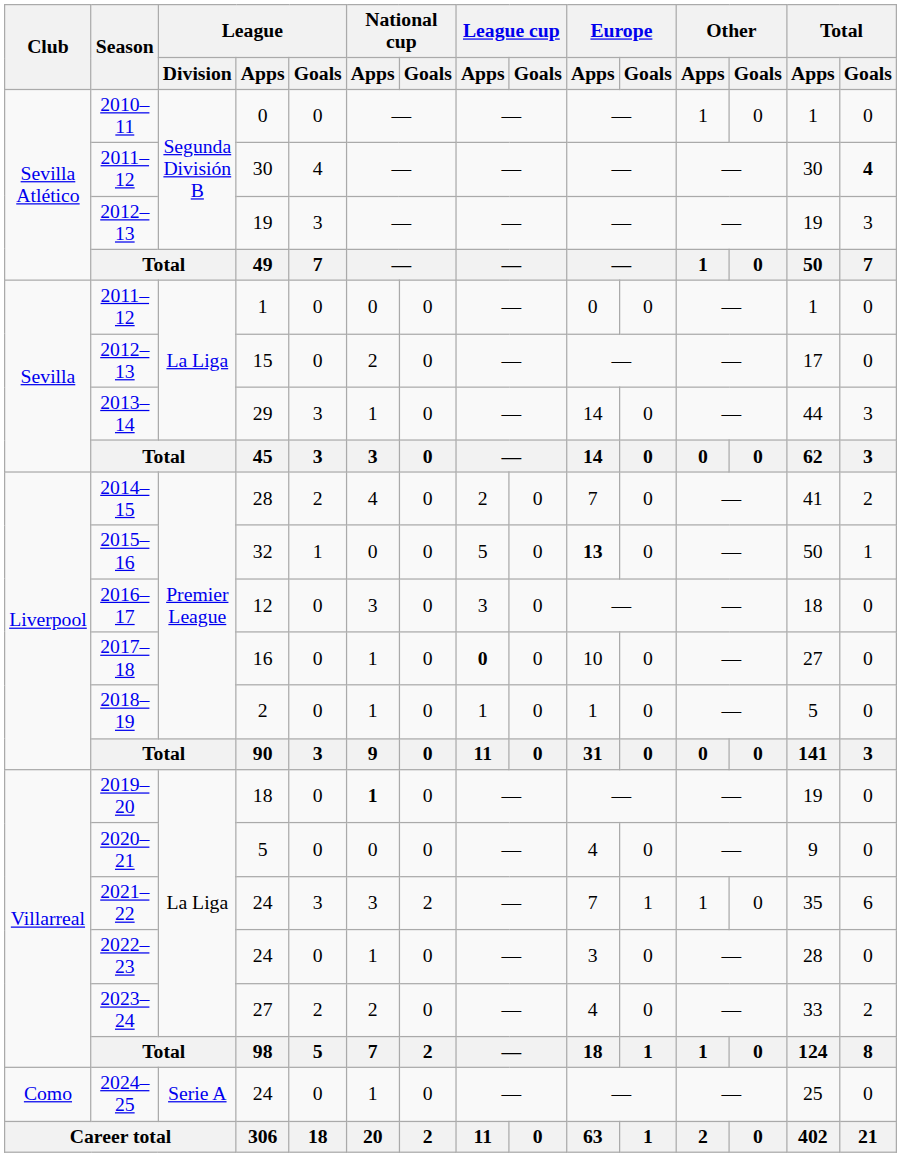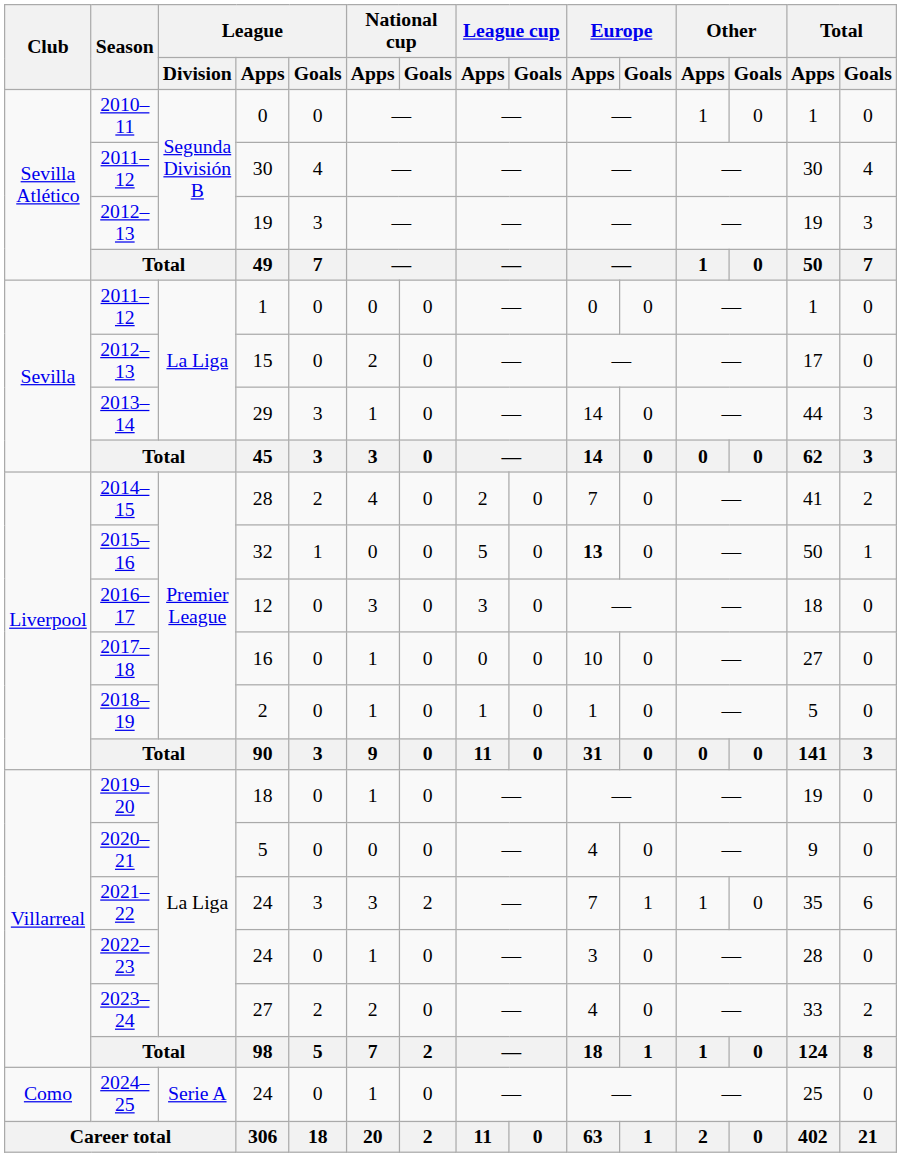 <table class=wikitable style="text-align: center">
 <tr>
 <th rowspan=2>Club</th>
 <th rowspan=2>Season</th>
 <th colspan=3>League</th>
 <th colspan=2>National cup</th>
 <th colspan=2><a href='#'>League cup</a></th>
 <th colspan=2><a href='#'>Europe</a></th>
 <th colspan=2>Other</th>
 <th colspan=2>Total</th>
 </tr>
 <tr>
 <th>Division</th>
 <th>Apps</th>
 <th>Goals</th>
 <th>Apps</th>
 <th>Goals</th>
 <th>Apps</th>
 <th>Goals</th>
 <th>Apps</th>
 <th>Goals</th>
 <th>Apps</th>
 <th>Goals</th>
 <th>Apps</th>
 <th>Goals</th>
 </tr>
 <tr>
 <td rowspan=4><a href='#'>Sevilla Atlético</a></td>
 <td><a href='#'>2010–11</a></td>
 <td rowspan=3><a href='#'>Segunda División B</a></td>
 <td>0</td>
 <td>0</td>
 <td colspan=2>—</td>
 <td colspan=2>—</td>
 <td colspan=2>—</td>
 <td>1</td>
 <td>0</td>
 <td>1</td>
 <td>0</td>
 </tr>
 <tr>
 <td><a href='#'>2011–12</a></td>
 <td>30</td>
 <td>4</td>
 <td colspan=2>—</td>
 <td colspan=2>—</td>
 <td colspan=2>—</td>
 <td colspan=2>—</td>
 <td>30</td>
-<td><strong>4</strong></td>
+<td>4</td>
 </tr>
 <tr>
 <td><a href='#'>2012–13</a></td>
 <td>19</td>
 <td>3</td>
 <td colspan=2>—</td>
 <td colspan=2>—</td>
 <td colspan=2>—</td>
 <td colspan=2>—</td>
 <td>19</td>
 <td>3</td>
 </tr>
 <tr>
 <th colspan=2>Total</th>
 <th>49</th>
 <th>7</th>
 <th colspan=2>—</th>
 <th colspan=2>—</th>
 <th colspan=2>—</th>
 <th>1</th>
 <th>0</th>
 <th>50</th>
 <th>7</th>
 </tr>
 <tr>
 <td rowspan=4><a href='#'>Sevilla</a></td>
 <td><a href='#'>2011–12</a></td>
 <td rowspan=3><a href='#'>La Liga</a></td>
 <td>1</td>
 <td>0</td>
 <td>0</td>
 <td>0</td>
 <td colspan=2>—</td>
 <td>0</td>
 <td>0</td>
 <td colspan=2>—</td>
 <td>1</td>
 <td>0</td>
 </tr>
 <tr>
 <td><a href='#'>2012–13</a></td>
 <td>15</td>
 <td>0</td>
 <td>2</td>
 <td>0</td>
 <td colspan=2>—</td>
 <td colspan=2>—</td>
 <td colspan=2>—</td>
 <td>17</td>
 <td>0</td>
 </tr>
 <tr>
 <td><a href='#'>2013–14</a></td>
 <td>29</td>
 <td>3</td>
 <td>1</td>
 <td>0</td>
 <td colspan=2>—</td>
 <td>14</td>
 <td>0</td>
 <td colspan=2>—</td>
 <td>44</td>
 <td>3</td>
 </tr>
 <tr>
 <th colspan=2>Total</th>
 <th>45</th>
 <th>3</th>
 <th>3</th>
 <th>0</th>
 <th colspan=2>—</th>
 <th>14</th>
 <th>0</th>
 <th>0</th>
 <th>0</th>
 <th>62</th>
 <th>3</th>
 </tr>
 <tr>
 <td rowspan=6><a href='#'>Liverpool</a></td>
 <td><a href='#'>2014–15</a></td>
 <td rowspan=5><a href='#'>Premier League</a></td>
 <td>28</td>
 <td>2</td>
 <td>4</td>
 <td>0</td>
 <td>2</td>
 <td>0</td>
 <td>7</td>
 <td>0</td>
 <td colspan=2>—</td>
 <td>41</td>
 <td>2</td>
 </tr>
 <tr>
 <td><a href='#'>2015–16</a></td>
 <td>32</td>
 <td>1</td>
 <td>0</td>
 <td>0</td>
 <td>5</td>
 <td>0</td>
 <td><strong>13</strong></td>
 <td>0</td>
 <td colspan=2>—</td>
 <td>50</td>
 <td>1</td>
 </tr>
 <tr>
 <td><a href='#'>2016–17</a></td>
 <td>12</td>
 <td>0</td>
 <td>3</td>
 <td>0</td>
 <td>3</td>
 <td>0</td>
 <td colspan=2>—</td>
 <td colspan=2>—</td>
 <td>18</td>
 <td>0</td>
 </tr>
 <tr>
 <td><a href='#'>2017–18</a></td>
 <td>16</td>
 <td>0</td>
 <td>1</td>
 <td>0</td>
-<td><strong>0</strong></td>
+<td>0</td>
 <td>0</td>
 <td>10</td>
 <td>0</td>
 <td colspan=2>—</td>
 <td>27</td>
 <td>0</td>
 </tr>
 <tr>
 <td><a href='#'>2018–19</a></td>
 <td>2</td>
 <td>0</td>
 <td>1</td>
 <td>0</td>
 <td>1</td>
 <td>0</td>
 <td>1</td>
 <td>0</td>
 <td colspan=2>—</td>
 <td>5</td>
 <td>0</td>
 </tr>
 <tr>
 <th colspan=2>Total</th>
 <th>90</th>
 <th>3</th>
 <th>9</th>
 <th>0</th>
 <th>11</th>
 <th>0</th>
 <th>31</th>
 <th>0</th>
 <th>0</th>
 <th>0</th>
 <th>141</th>
 <th>3</th>
 </tr>
 <tr>
 <td rowspan=6><a href='#'>Villarreal</a></td>
 <td><a href='#'>2019–20</a></td>
 <td rowspan=5>La Liga</td>
 <td>18</td>
 <td>0</td>
-<td><strong>1</strong></td>
+<td>1</td>
 <td>0</td>
 <td colspan=2>—</td>
 <td colspan=2>—</td>
 <td colspan=2>—</td>
 <td>19</td>
 <td>0</td>
 </tr>
 <tr>
 <td><a href='#'>2020–21</a></td>
 <td>5</td>
 <td>0</td>
 <td>0</td>
 <td>0</td>
 <td colspan=2>—</td>
 <td>4</td>
 <td>0</td>
 <td colspan=2>—</td>
 <td>9</td>
 <td>0</td>
 </tr>
 <tr>
 <td><a href='#'>2021–22</a></td>
 <td>24</td>
 <td>3</td>
 <td>3</td>
 <td>2</td>
 <td colspan=2>—</td>
 <td>7</td>
 <td>1</td>
 <td>1</td>
 <td>0</td>
 <td>35</td>
 <td>6</td>
 </tr>
 <tr>
 <td><a href='#'>2022–23</a></td>
 <td>24</td>
 <td>0</td>
 <td>1</td>
 <td>0</td>
 <td colspan=2>—</td>
 <td>3</td>
 <td>0</td>
 <td colspan=2>—</td>
 <td>28</td>
 <td>0</td>
 </tr>
 <tr>
 <td><a href='#'>2023–24</a></td>
 <td>27</td>
 <td>2</td>
 <td>2</td>
 <td>0</td>
 <td colspan=2>—</td>
 <td>4</td>
 <td>0</td>
 <td colspan=2>—</td>
 <td>33</td>
 <td>2</td>
 </tr>
 <tr>
 <th colspan=2>Total</th>
 <th>98</th>
 <th>5</th>
 <th>7</th>
 <th>2</th>
 <th colspan=2>—</th>
 <th>18</th>
 <th>1</th>
 <th>1</th>
 <th>0</th>
 <th>124</th>
 <th>8</th>
 </tr>
 <tr>
 <td><a href='#'>Como</a></td>
 <td><a href='#'>2024–25</a></td>
 <td><a href='#'>Serie A</a></td>
 <td>24</td>
 <td>0</td>
 <td>1</td>
 <td>0</td>
 <td colspan=2>—</td>
 <td colspan=2>—</td>
 <td colspan=2>—</td>
 <td>25</td>
 <td>0</td>
 </tr>
 <tr>
 <th colspan=3>Career total</th>
 <th>306</th>
 <th>18</th>
 <th>20</th>
 <th>2</th>
 <th>11</th>
 <th>0</th>
 <th>63</th>
 <th>1</th>
 <th>2</th>
 <th>0</th>
 <th>402</th>
 <th>21</th>
 </tr>
 </table>
